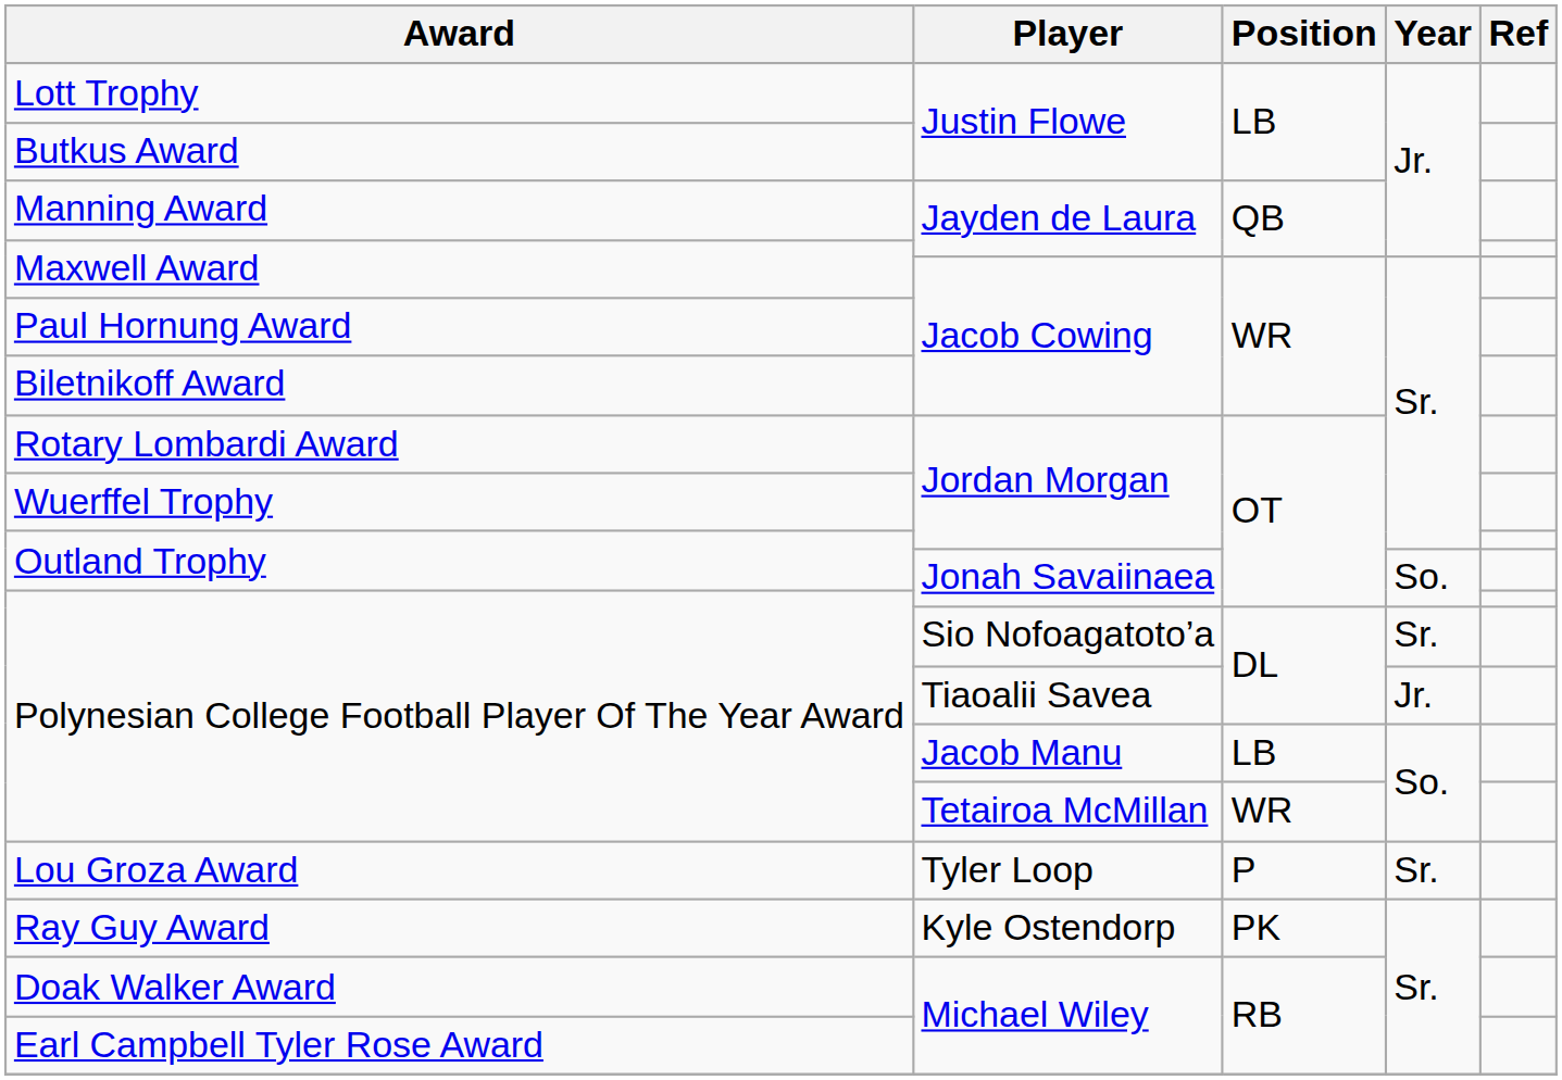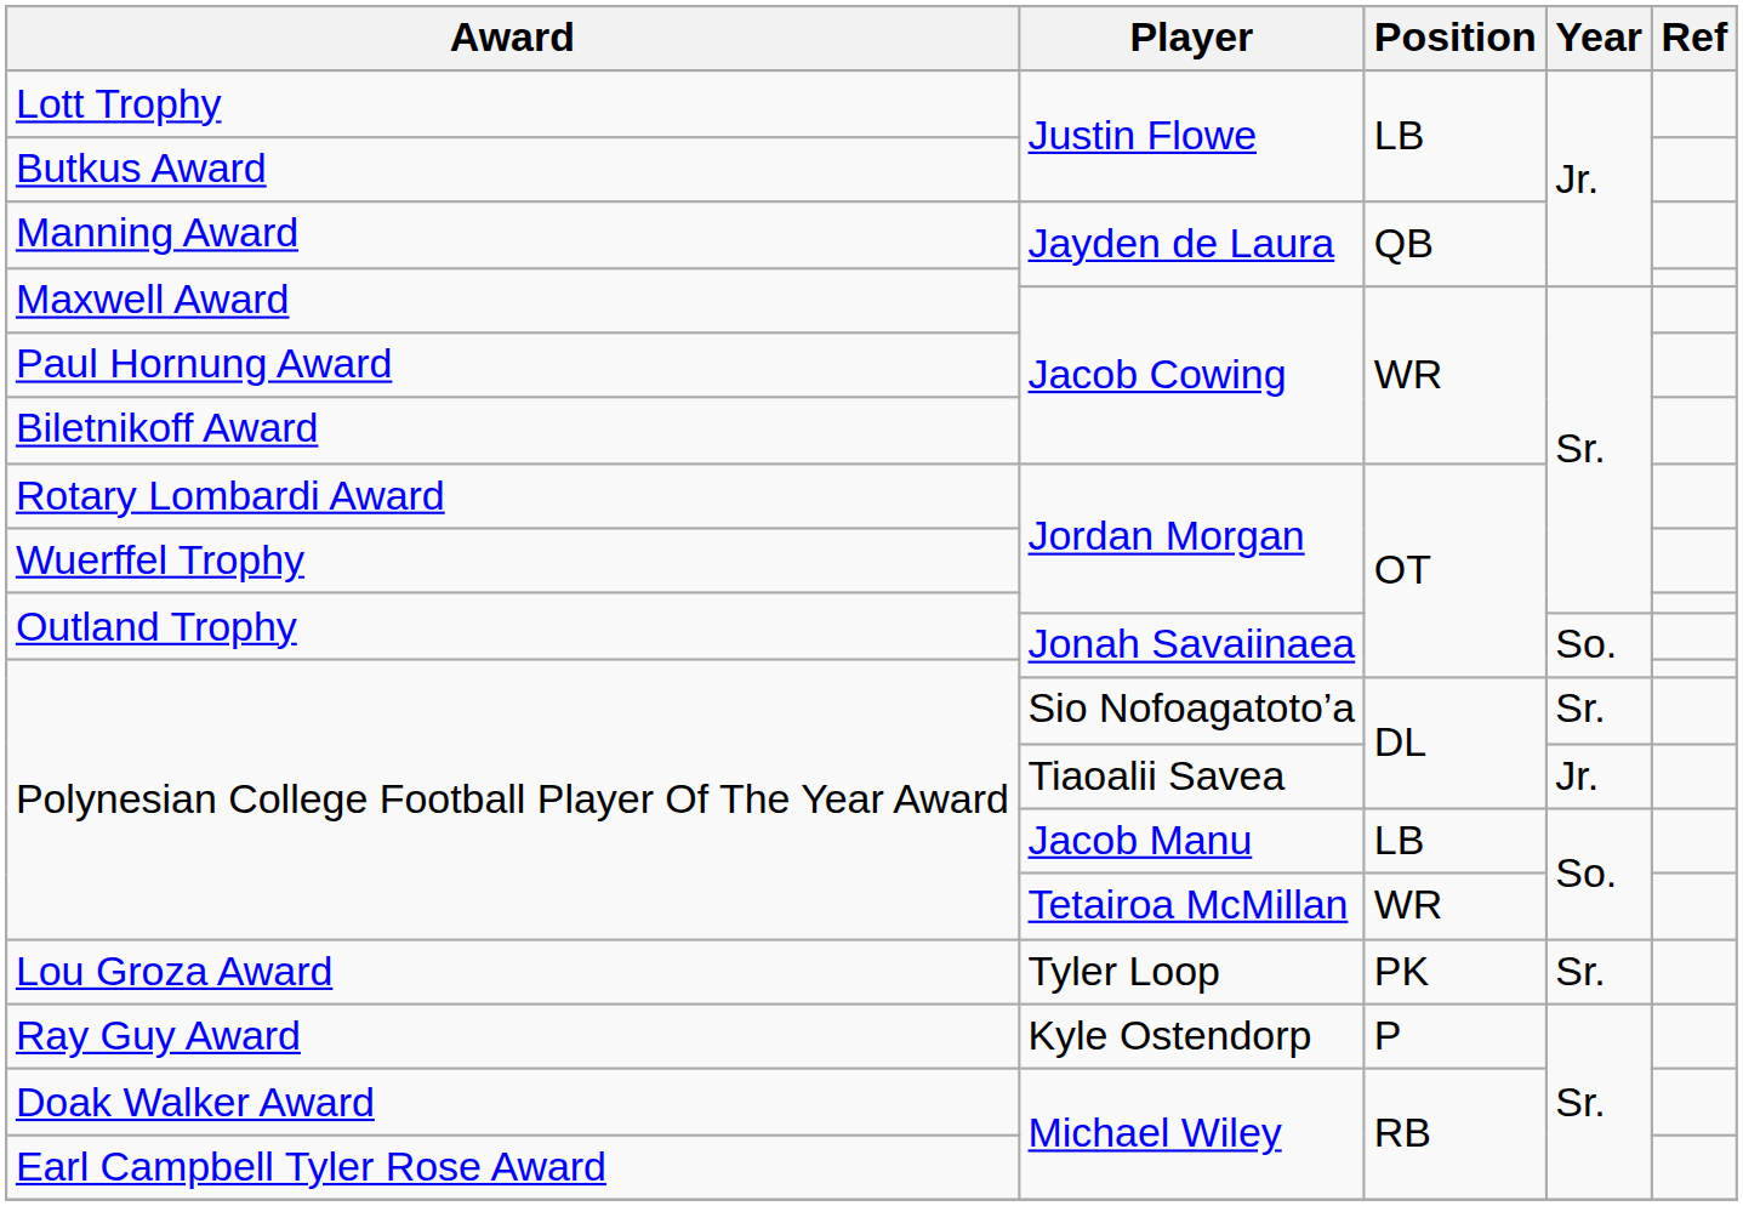 <table class="wikitable sortable">
 <tr>
 <th style="text-align:center; ">Award</th>
 <th style="text-align:center; ">Player</th>
 <th style="text-align:center; ">Position</th>
 <th style="text-align:center; ">Year</th>
 <th style="text-align:center; ">Ref</th>
 </tr>
 <tr>
 <td><a href='#'>Lott Trophy</a></td>
 <td rowspan="2"><a href='#'>Justin Flowe</a></td>
 <td rowspan="2">LB</td>
 <td rowspan="4">Jr.</td>
 <td></td>
 </tr>
 <tr>
 <td><a href='#'>Butkus Award</a></td>
 <td></td>
 </tr>
 <tr>
 <td><a href='#'>Manning Award</a></td>
 <td rowspan="2"><a href='#'>Jayden de Laura</a></td>
 <td rowspan="2">QB</td>
 <td></td>
 </tr>
 <tr>
 <td rowspan="2"><a href='#'>Maxwell Award</a></td>
 <td></td>
 </tr>
 <tr>
 <td rowspan="3"><a href='#'>Jacob Cowing</a></td>
 <td rowspan="3">WR</td>
 <td rowspan="6">Sr.</td>
 <td></td>
 </tr>
 <tr>
 <td><a href='#'>Paul Hornung Award</a></td>
 <td></td>
 </tr>
 <tr>
 <td><a href='#'>Biletnikoff Award</a></td>
 <td></td>
 </tr>
 <tr>
 <td><a href='#'>Rotary Lombardi Award</a></td>
 <td rowspan="3"><a href='#'>Jordan Morgan</a></td>
 <td rowspan="5">OT</td>
 <td></td>
 </tr>
 <tr>
 <td><a href='#'>Wuerffel Trophy</a></td>
 <td></td>
 </tr>
 <tr>
 <td rowspan="2"><a href='#'>Outland Trophy</a></td>
 <td></td>
 </tr>
 <tr>
 <td rowspan="2"><a href='#'>Jonah Savaiinaea</a></td>
 <td rowspan="2">So.</td>
 <td></td>
 </tr>
 <tr>
 <td rowspan="5">Polynesian College Football Player Of The Year Award</td>
 <td></td>
 </tr>
 <tr>
 <td>Sio Nofoagatoto’a</td>
 <td rowspan="2">DL</td>
 <td>Sr.</td>
 <td></td>
 </tr>
 <tr>
 <td>Tiaoalii Savea</td>
 <td>Jr.</td>
 <td></td>
 </tr>
 <tr>
 <td><a href='#'>Jacob Manu</a></td>
 <td>LB</td>
 <td rowspan="2">So.</td>
 <td></td>
 </tr>
 <tr>
 <td><a href='#'>Tetairoa McMillan</a></td>
 <td>WR</td>
 <td></td>
 </tr>
 <tr>
 <td><a href='#'>Lou Groza Award</a></td>
 <td>Tyler Loop</td>
-<td>P</td>
+<td>PK</td>
 <td>Sr.</td>
 <td></td>
 </tr>
 <tr>
 <td><a href='#'>Ray Guy Award</a></td>
 <td>Kyle Ostendorp</td>
-<td>PK</td>
+<td>P</td>
 <td rowspan="3">Sr.</td>
 <td></td>
 </tr>
 <tr>
 <td><a href='#'>Doak Walker Award</a></td>
 <td rowspan="2"><a href='#'>Michael Wiley</a></td>
 <td rowspan="2">RB</td>
 <td></td>
 </tr>
 <tr>
 <td><a href='#'>Earl Campbell Tyler Rose Award</a></td>
 <td></td>
 </tr>
 <tr>
 </tr>
 </table>
